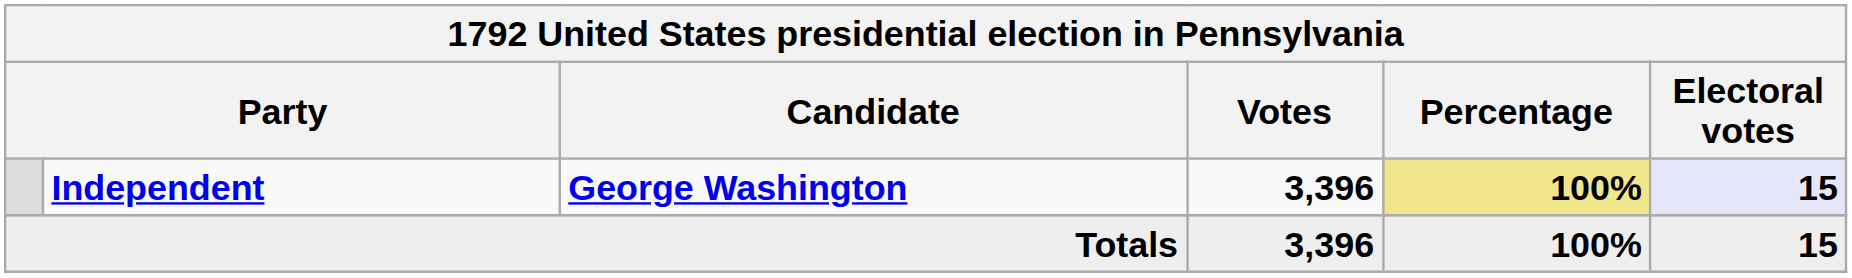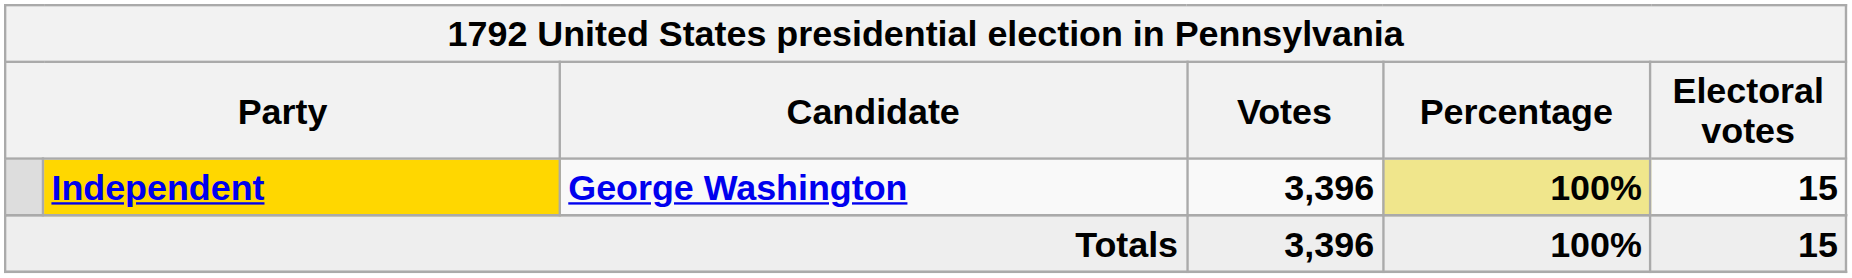 <table class="wikitable" style="font-size: 95%;">
 <tr>
 <th colspan="6">1792 United States presidential election in Pennsylvania</th>
 </tr>
 <tr>
 <th colspan="2" style="width: 15em">Party</th>
 <th style="width: 17em">Candidate</th>
 <th style="width: 5em">Votes</th>
 <th style="width: 7em">Percentage</th>
 <th style="width: 5em">Electoral votes</th>
 </tr>
 <tr>
 <th style="background-color:#DDDDDD; width: 3px"></th>
-<td style="width: 130px"><strong><a href='#'>Independent</a></strong></td>
+<td style="background: gold; width: 130px"><strong><a href='#'>Independent</a></strong></td>
 <td><strong><a href='#'>George Washington</a></strong></td>
 <td align="right"><strong>3,396</strong></td>
 <td align="right" style="background: khaki;"><strong>100%</strong></td>
-<td align="right" style="background: lavender;"><strong>15</strong></td>
+<td align="right"><strong>15</strong></td>
 </tr>
 <tr>
 </tr>
 <tr bgcolor="#EEEEEE">
 <td colspan="3" align="right"><strong>Totals</strong></td>
 <td align="right"><strong>3,396</strong></td>
 <td align="right"><strong>100%</strong></td>
 <td align="right"><strong>15</strong></td>
 </tr>
 <tr>
 </tr>
 </table>
